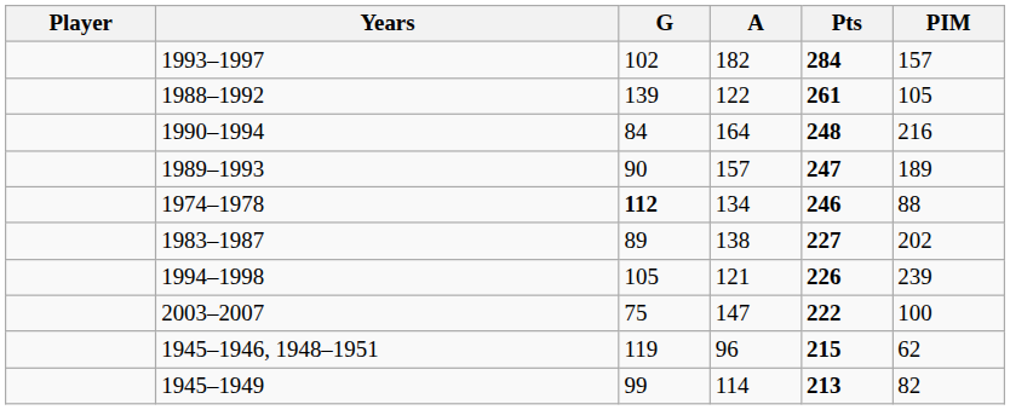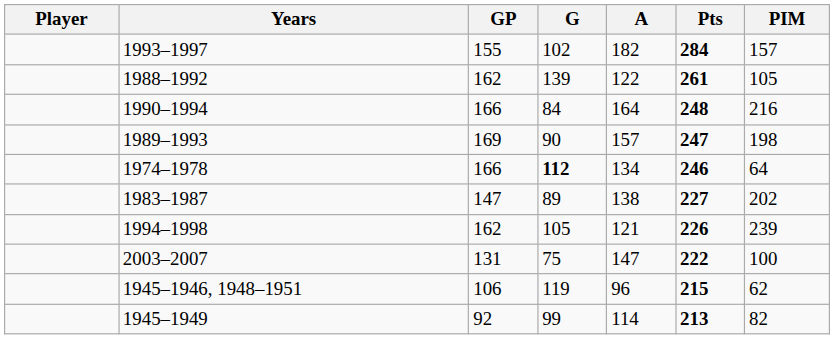 <table class="wikitable sortable" width ="700" cellpadding="1" border="1" cellspacing="0">
 <tr>
 <th>Player</th>
 <th>Years</th>
+<th>GP</th>
 <th>G</th>
 <th>A</th>
 <th>Pts</th>
 <th>PIM</th>
 </tr>
 <tr>
 <td></td>
 <td>1993–1997</td>
+<td>155</td>
 <td>102</td>
 <td>182</td>
 <td><strong>284</strong></td>
 <td>157</td>
 </tr>
 <tr>
 <td></td>
 <td>1988–1992</td>
+<td>162</td>
 <td>139</td>
 <td>122</td>
 <td><strong>261</strong></td>
 <td>105</td>
 </tr>
 <tr>
 <td></td>
 <td>1990–1994</td>
+<td>166</td>
 <td>84</td>
 <td>164</td>
 <td><strong>248</strong></td>
 <td>216</td>
 </tr>
 <tr>
 <td></td>
 <td>1989–1993</td>
+<td>169</td>
 <td>90</td>
 <td>157</td>
 <td><strong>247</strong></td>
-<td>189</td>
+<td>198</td>
 </tr>
 <tr>
 <td></td>
 <td>1974–1978</td>
+<td>166</td>
 <td><strong>112</strong></td>
 <td>134</td>
 <td><strong>246</strong></td>
-<td>88</td>
+<td>64</td>
 </tr>
 <tr>
 <td></td>
 <td>1983–1987</td>
+<td>147</td>
 <td>89</td>
 <td>138</td>
 <td><strong>227</strong></td>
 <td>202</td>
 </tr>
 <tr>
 <td></td>
 <td>1994–1998</td>
+<td>162</td>
 <td>105</td>
 <td>121</td>
 <td><strong>226</strong></td>
 <td>239</td>
 </tr>
 <tr>
 <td></td>
 <td>2003–2007</td>
+<td>131</td>
 <td>75</td>
 <td>147</td>
 <td><strong>222</strong></td>
 <td>100</td>
 </tr>
 <tr>
 <td></td>
 <td>1945–1946, 1948–1951</td>
+<td>106</td>
 <td>119</td>
 <td>96</td>
 <td><strong>215</strong></td>
 <td>62</td>
 </tr>
 <tr>
 <td></td>
 <td>1945–1949</td>
+<td>92</td>
 <td>99</td>
 <td>114</td>
 <td><strong>213</strong></td>
 <td>82</td>
 </tr>
 </table>
